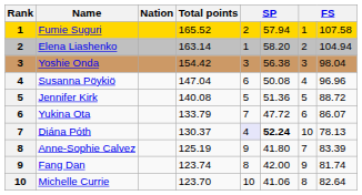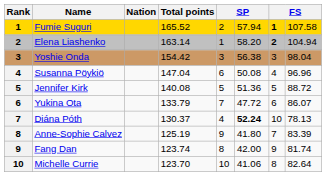 <table class="wikitable">
 <tr>
 <th>Rank</th>
 <th>Name</th>
 <th>Nation</th>
 <th>Total points</th>
 <th colspan="2" width="80px"><a href='#'>SP</a></th>
 <th colspan="2" width="80px"><a href='#'>FS</a></th>
 </tr>
 <tr bgcolor="gold">
 <td align="center"><strong>1</strong></td>
 <td><a href='#'>Fumie Suguri</a></td>
 <td></td>
 <td>165.52</td>
 <td>2</td>
 <td>57.94</td>
-<td>1</td>
+<td><strong>1</strong></td>
 <td>107.58</td>
 </tr>
 <tr bgcolor="silver">
 <td align="center"><strong>2</strong></td>
 <td><a href='#'>Elena Liashenko</a></td>
 <td></td>
 <td>163.14</td>
 <td>1</td>
 <td>58.20</td>
-<td>2</td>
+<td><strong>2</strong></td>
 <td>104.94</td>
 </tr>
 <tr bgcolor="cc9966">
 <td align="center"><strong>3</strong></td>
 <td><a href='#'>Yoshie Onda</a></td>
 <td></td>
 <td>154.42</td>
 <td>3</td>
 <td>56.38</td>
 <td>3</td>
 <td>98.04</td>
 </tr>
 <tr>
 <th>4</th>
 <td><a href='#'>Susanna Pöykiö</a></td>
 <td></td>
 <td>147.04</td>
 <td>6</td>
 <td>50.08</td>
 <td>4</td>
 <td>96.96</td>
 </tr>
 <tr>
 <th>5</th>
 <td><a href='#'>Jennifer Kirk</a></td>
 <td></td>
 <td>140.08</td>
 <td>5</td>
 <td>51.36</td>
 <td>5</td>
 <td>88.72</td>
 </tr>
 <tr>
 <th>6</th>
 <td><a href='#'>Yukina Ota</a></td>
 <td></td>
 <td>133.79</td>
 <td>7</td>
 <td>47.72</td>
 <td>6</td>
 <td>86.07</td>
 </tr>
 <tr>
 <th>7</th>
 <td><a href='#'>Diána Póth</a></td>
 <td></td>
 <td>130.37</td>
-<td style="background: lavender;">4</td>
+<td>4</td>
 <td><strong>52.24</strong></td>
 <td>10</td>
 <td>78.13</td>
 </tr>
 <tr>
 <th>8</th>
 <td><a href='#'>Anne-Sophie Calvez</a></td>
 <td></td>
 <td>125.19</td>
 <td>9</td>
 <td>41.80</td>
 <td>7</td>
 <td>83.39</td>
 </tr>
 <tr>
 <th>9</th>
 <td><a href='#'>Fang Dan</a></td>
 <td></td>
 <td>123.74</td>
 <td>8</td>
 <td>42.00</td>
 <td>9</td>
 <td>81.74</td>
 </tr>
 <tr>
 <th>10</th>
 <td><a href='#'>Michelle Currie</a></td>
 <td></td>
 <td>123.70</td>
 <td>10</td>
 <td>41.06</td>
 <td>8</td>
 <td>82.64</td>
 </tr>
 </table>
